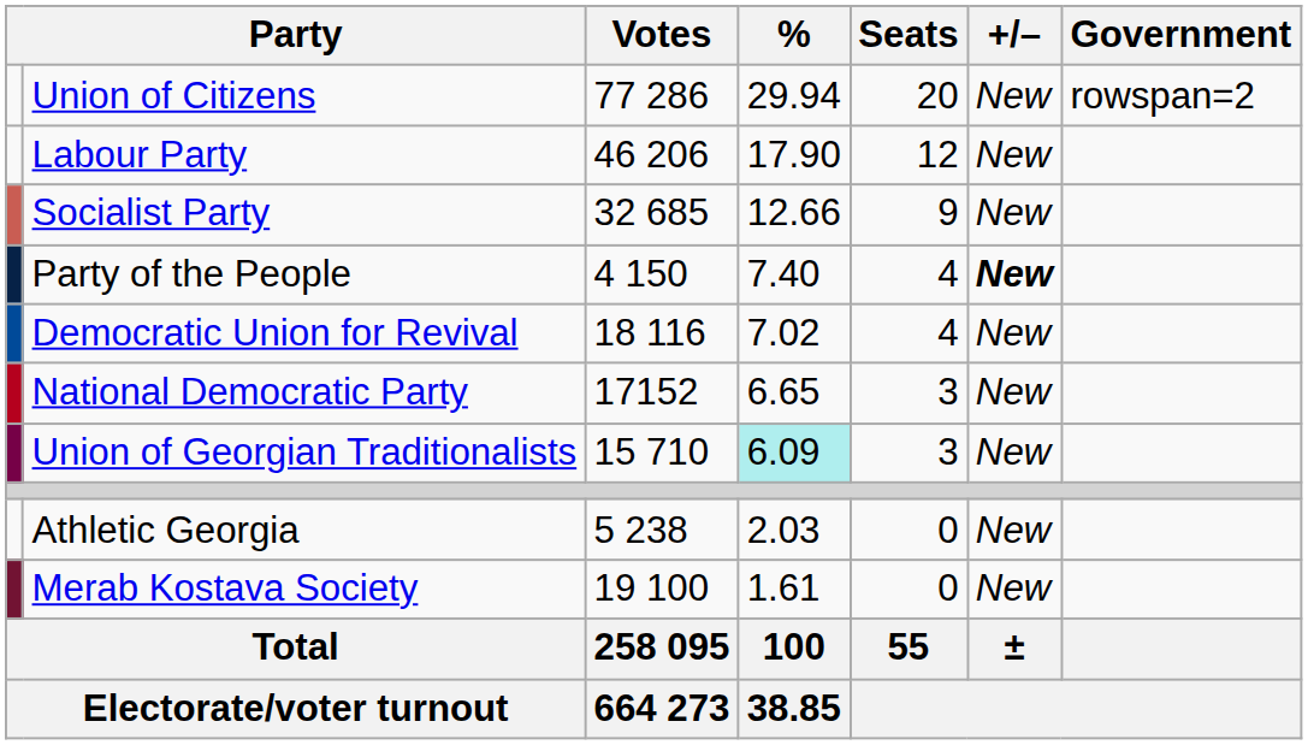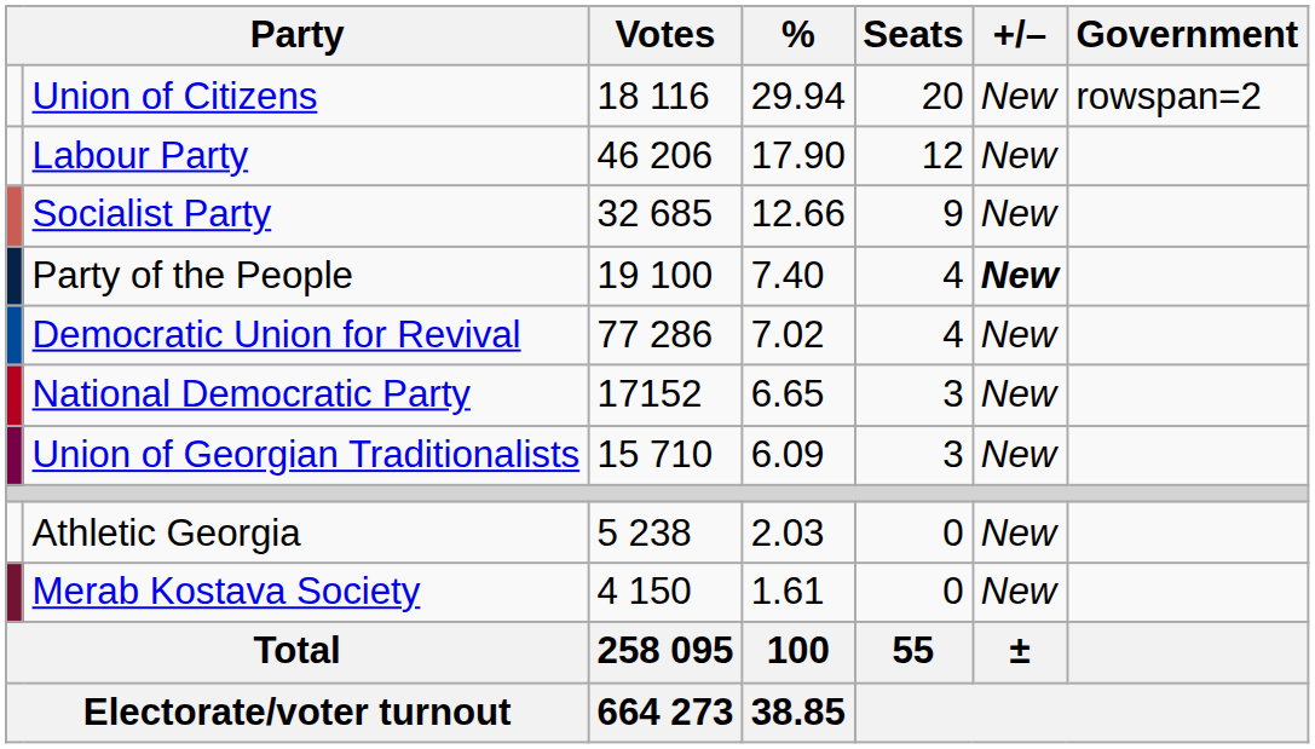 <table class="wikitable">
 <tr>
 <th colspan="2">Party</th>
 <th scope="col">Votes</th>
 <th scope="col">%</th>
 <th scope="col">Seats</th>
 <th scope="col">+/–</th>
 <th colspan="2">Government</th>
 </tr>
 <tr>
 <td style="background:"></td>
 <td align=left><a href='#'>Union of Citizens</a></td>
-<td>77 286</td>
+<td>18 116</td>
 <td>29.94</td>
 <td align=right>20</td>
 <td><em>New</em></td>
 <td>rowspan=2 </td>
 </tr>
 <tr>
 <td style="background:"></td>
 <td align=left><a href='#'>Labour Party</a></td>
 <td>46 206</td>
 <td>17.90</td>
 <td align=right>12</td>
 <td><em>New</em></td>
 </tr>
 <tr>
 <td style="background:#C95D53"></td>
 <td align=left><a href='#'>Socialist Party</a></td>
 <td>32 685</td>
 <td>12.66</td>
 <td align=right>9</td>
 <td><em>New</em></td>
 <td></td>
 </tr>
 <tr>
 <td style="background:#062247"></td>
 <td align=left>Party of the People</td>
-<td>4 150</td>
+<td>19 100</td>
 <td>7.40</td>
 <td align=right>4</td>
 <td><strong><em>New</em></strong></td>
 <td></td>
 </tr>
 <tr>
 <td style="background:#004a99"></td>
 <td align=left><a href='#'>Democratic Union for Revival</a></td>
-<td>18 116</td>
+<td>77 286</td>
 <td>7.02</td>
 <td align=right>4</td>
 <td><em>New</em></td>
 <td></td>
 </tr>
 <tr>
 <td style="background:#b5011e"></td>
 <td align=left><a href='#'>National Democratic Party</a></td>
 <td>17152</td>
 <td>6.65</td>
 <td align=right>3</td>
 <td><em>New</em></td>
 <td></td>
 </tr>
 <tr>
 <td style="background:#760147"></td>
 <td align=left><a href='#'>Union of Georgian Traditionalists</a></td>
 <td>15 710</td>
-<td style="background: paleturquoise;">6.09</td>
+<td>6.09</td>
 <td align=right>3</td>
 <td><em>New</em></td>
 <td></td>
 </tr>
 <tr>
 <td colspan=9 bgcolor=lightgrey></td>
 </tr>
 <tr>
 <td style="background:"></td>
 <td align=left>Athletic Georgia</td>
 <td>5 238</td>
 <td>2.03</td>
 <td align=right>0</td>
 <td><em>New</em></td>
 <td></td>
 </tr>
 <tr>
 <td style="background:#721333"></td>
 <td align=left><a href='#'>Merab Kostava Society</a></td>
-<td>19 100</td>
+<td>4 150</td>
 <td>1.61</td>
 <td align=right>0</td>
 <td><em>New</em></td>
 <td></td>
 </tr>
 <tr>
 <th colspan="2">Total</th>
 <th>258 095</th>
 <th>100</th>
 <th>55</th>
 <th>±</th>
 <th></th>
 </tr>
 <tr>
 <th colspan=2>Electorate/voter turnout</th>
 <th>664 273</th>
 <th>38.85</th>
 <th colspan=3></th>
 </tr>
 </table>
